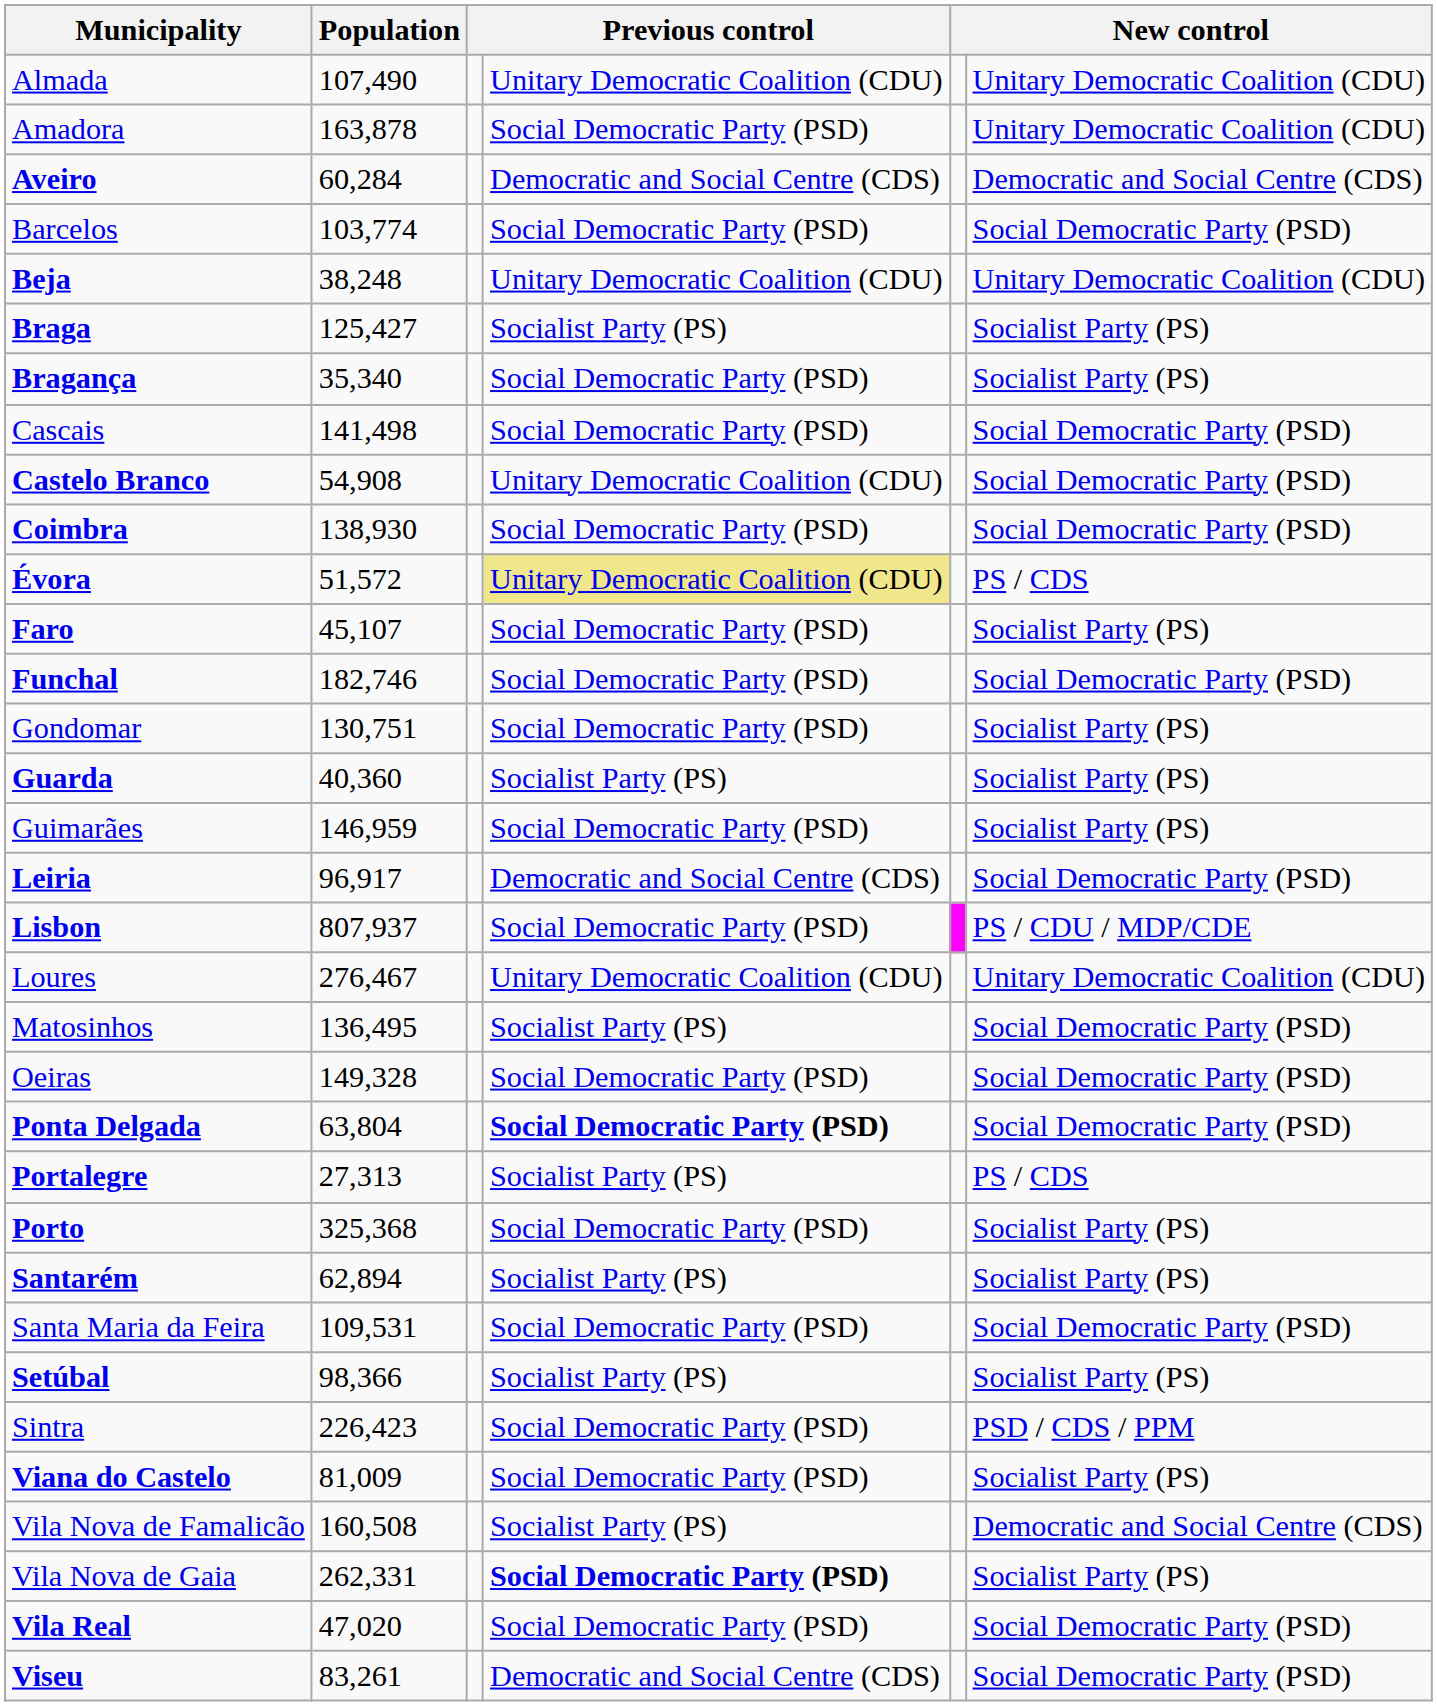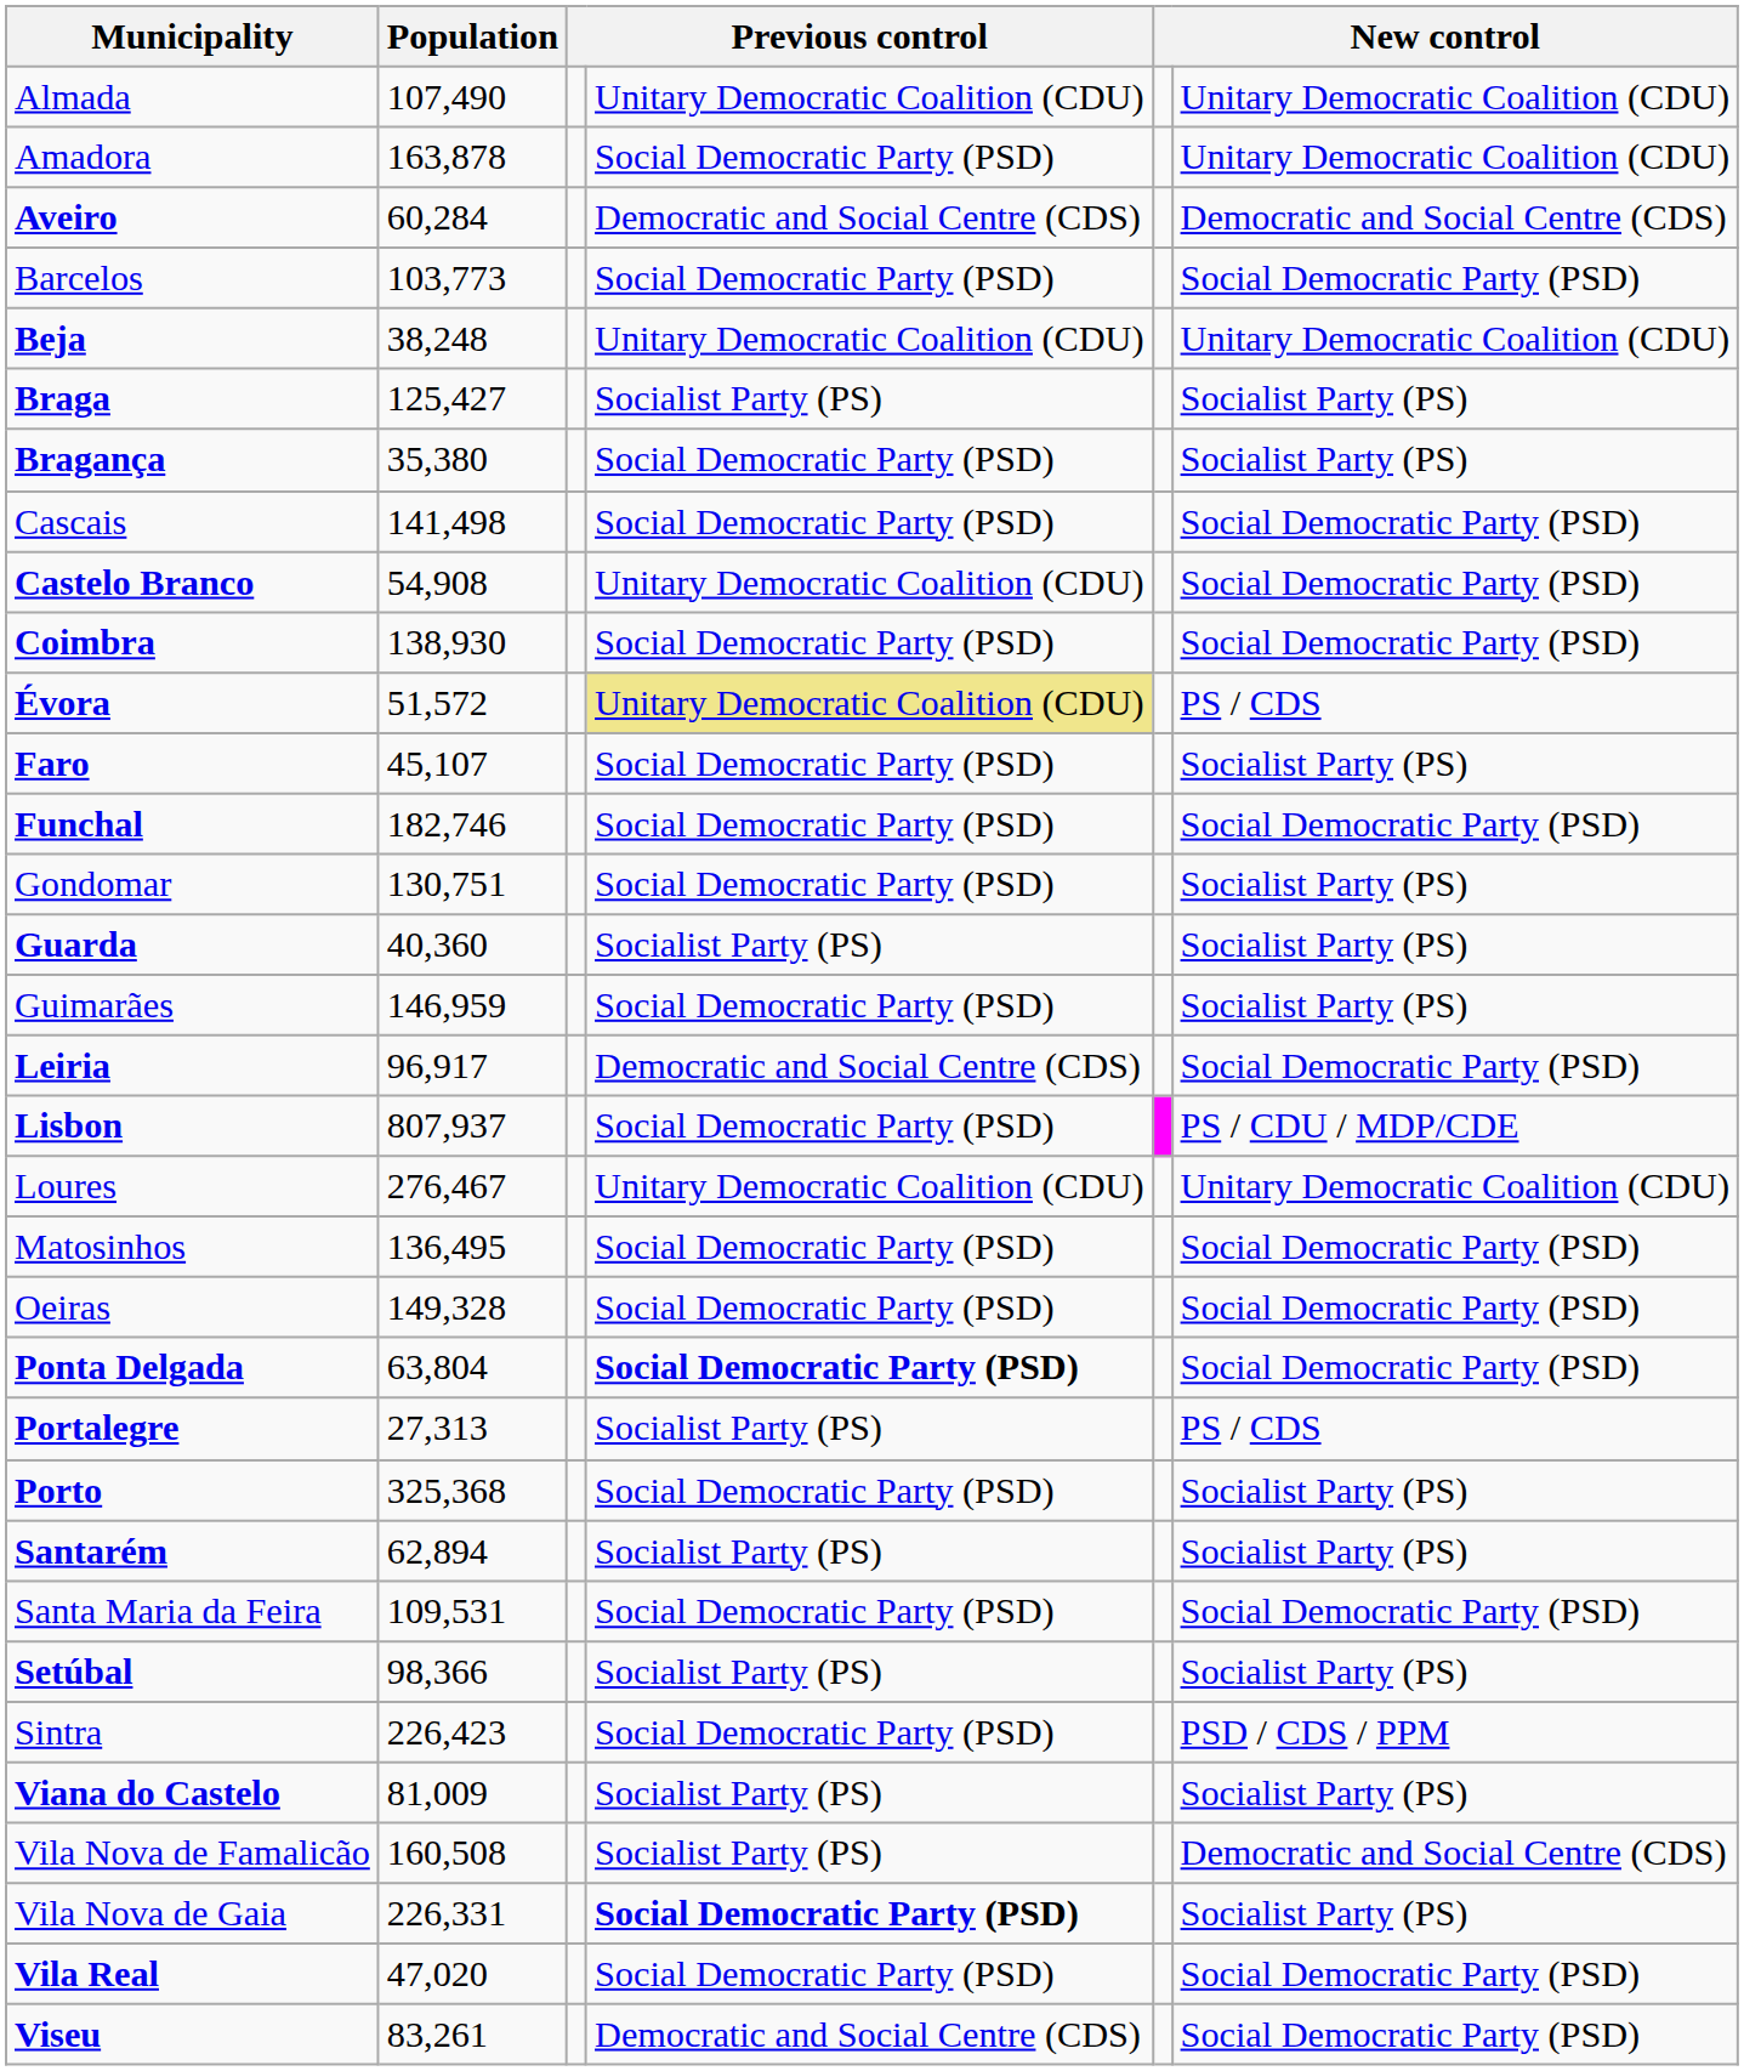 <table class="wikitable sortable" style="font-size:95%;">
 <tr>
 <th>Municipality</th>
 <th>Population</th>
 <th colspan="2" style="width:200px;">Previous control</th>
 <th colspan="2" style="width:200px;">New control</th>
 </tr>
 <tr>
 <td><a href='#'>Almada</a></td>
 <td>107,490</td>
 <td width="1" style="color:inherit;background:"></td>
 <td><a href='#'>Unitary Democratic Coalition</a> (CDU)</td>
 <td width="1" style="color:inherit;background:"></td>
 <td><a href='#'>Unitary Democratic Coalition</a> (CDU)</td>
 </tr>
 <tr>
 <td><a href='#'>Amadora</a></td>
 <td>163,878</td>
 <td width="1" style="color:inherit;background:"></td>
 <td><a href='#'>Social Democratic Party</a> (PSD)</td>
 <td width="1" style="color:inherit;background:"></td>
 <td><a href='#'>Unitary Democratic Coalition</a> (CDU)</td>
 </tr>
 <tr>
 <td><a href='#'><strong>Aveiro</strong></a></td>
 <td>60,284</td>
 <td width="1" style="color:inherit;background:"></td>
 <td><a href='#'>Democratic and Social Centre</a> (CDS)</td>
 <td width="1" style="color:inherit;background:"></td>
 <td><a href='#'>Democratic and Social Centre</a> (CDS)</td>
 </tr>
 <tr>
 <td><a href='#'>Barcelos</a></td>
-<td>103,774</td>
+<td>103,773</td>
 <td width="1" style="color:inherit;background:"></td>
 <td><a href='#'>Social Democratic Party</a> (PSD)</td>
 <td width="1" style="color:inherit;background:"></td>
 <td><a href='#'>Social Democratic Party</a> (PSD)</td>
 </tr>
 <tr>
 <td><a href='#'><strong>Beja</strong></a></td>
 <td>38,248</td>
 <td width="1" style="color:inherit;background:"></td>
 <td><a href='#'>Unitary Democratic Coalition</a> (CDU)</td>
 <td width="1" style="color:inherit;background:"></td>
 <td><a href='#'>Unitary Democratic Coalition</a> (CDU)</td>
 </tr>
 <tr>
 <td><strong><a href='#'>Braga</a></strong></td>
 <td>125,427</td>
 <td width="1" style="color:inherit;background:"></td>
 <td><a href='#'>Socialist Party</a> (PS)</td>
 <td width="1" style="color:inherit;background:"></td>
 <td><a href='#'>Socialist Party</a> (PS)</td>
 </tr>
 <tr>
 <td><a href='#'><strong>Bragança</strong></a></td>
-<td>35,340</td>
+<td>35,380</td>
 <td width="1" style="color:inherit;background:"></td>
 <td><a href='#'>Social Democratic Party</a> (PSD)</td>
 <td width="1" style="color:inherit;background:"></td>
 <td><a href='#'>Socialist Party</a> (PS)</td>
 </tr>
 <tr>
 <td><a href='#'>Cascais</a></td>
 <td>141,498</td>
 <td width="1" style="color:inherit;background:"></td>
 <td><a href='#'>Social Democratic Party</a> (PSD)</td>
 <td width="1" style="color:inherit;background:"></td>
 <td><a href='#'>Social Democratic Party</a> (PSD)</td>
 </tr>
 <tr>
 <td><a href='#'><strong>Castelo Branco</strong></a></td>
 <td>54,908</td>
 <td width="1" style="color:inherit;background:"></td>
 <td><a href='#'>Unitary Democratic Coalition</a> (CDU)</td>
 <td width="1" style="color:inherit;background:"></td>
 <td><a href='#'>Social Democratic Party</a> (PSD)</td>
 </tr>
 <tr>
 <td><strong><a href='#'>Coimbra</a></strong></td>
 <td>138,930</td>
 <td width="1" style="color:inherit;background:"></td>
 <td><a href='#'>Social Democratic Party</a> (PSD)</td>
 <td width="1" style="color:inherit;background:"></td>
 <td><a href='#'>Social Democratic Party</a> (PSD)</td>
 </tr>
 <tr>
 <td><strong><a href='#'>Évora</a></strong></td>
 <td>51,572</td>
 <td width="1" style="color:inherit;background:"></td>
 <td style="background: khaki;"><a href='#'>Unitary Democratic Coalition</a> (CDU)</td>
 <td width="1" style="color:inherit;background:"></td>
 <td><a href='#'>PS</a> / <a href='#'>CDS</a></td>
 </tr>
 <tr>
 <td><a href='#'><strong>Faro</strong></a></td>
 <td>45,107</td>
 <td width="1" style="color:inherit;background:"></td>
 <td><a href='#'>Social Democratic Party</a> (PSD)</td>
 <td width="1" style="color:inherit;background:"></td>
 <td><a href='#'>Socialist Party</a> (PS)</td>
 </tr>
 <tr>
 <td><strong><a href='#'>Funchal</a></strong></td>
 <td>182,746</td>
 <td width="1" style="color:inherit;background:"></td>
 <td><a href='#'>Social Democratic Party</a> (PSD)</td>
 <td width="1" style="color:inherit;background:"></td>
 <td><a href='#'>Social Democratic Party</a> (PSD)</td>
 </tr>
 <tr>
 <td><a href='#'>Gondomar</a></td>
 <td>130,751</td>
 <td width="1" style="color:inherit;background:"></td>
 <td><a href='#'>Social Democratic Party</a> (PSD)</td>
 <td width="1" style="color:inherit;background:"></td>
 <td><a href='#'>Socialist Party</a> (PS)</td>
 </tr>
 <tr>
 <td><a href='#'><strong>Guarda</strong></a></td>
 <td>40,360</td>
 <td width="1" style="color:inherit;background:"></td>
 <td><a href='#'>Socialist Party</a> (PS)</td>
 <td width="1" style="color:inherit;background:"></td>
 <td><a href='#'>Socialist Party</a> (PS)</td>
 </tr>
 <tr>
 <td><a href='#'>Guimarães</a></td>
 <td>146,959</td>
 <td width="1" style="color:inherit;background:"></td>
 <td><a href='#'>Social Democratic Party</a> (PSD)</td>
 <td width="1" style="color:inherit;background:"></td>
 <td><a href='#'>Socialist Party</a> (PS)</td>
 </tr>
 <tr>
 <td><strong><a href='#'>Leiria</a></strong></td>
 <td>96,917</td>
 <td width="1" style="color:inherit;background:"></td>
 <td><a href='#'>Democratic and Social Centre</a> (CDS)</td>
 <td width="1" style="color:inherit;background:"></td>
 <td><a href='#'>Social Democratic Party</a> (PSD)</td>
 </tr>
 <tr>
 <td><strong><a href='#'>Lisbon</a></strong></td>
 <td>807,937</td>
 <td width="1" style="color:inherit;background:"></td>
 <td><a href='#'>Social Democratic Party</a> (PSD)</td>
 <td width="1" bgcolor="magenta"></td>
 <td><a href='#'>PS</a> / <a href='#'>CDU</a> / <a href='#'>MDP/CDE</a></td>
 </tr>
 <tr>
 <td><a href='#'>Loures</a></td>
 <td>276,467</td>
 <td width="1" style="color:inherit;background:"></td>
 <td><a href='#'>Unitary Democratic Coalition</a> (CDU)</td>
 <td width="1" style="color:inherit;background:"></td>
 <td><a href='#'>Unitary Democratic Coalition</a> (CDU)</td>
 </tr>
 <tr>
 <td><a href='#'>Matosinhos</a></td>
 <td>136,495</td>
 <td width="1" style="color:inherit;background:"></td>
-<td><a href='#'>Socialist Party</a> (PS)</td>
+<td><a href='#'>Social Democratic Party</a> (PSD)</td>
 <td width="1" style="color:inherit;background:"></td>
 <td><a href='#'>Social Democratic Party</a> (PSD)</td>
 </tr>
 <tr>
 <td><a href='#'>Oeiras</a></td>
 <td>149,328</td>
 <td width="1" style="color:inherit;background:"></td>
 <td><a href='#'>Social Democratic Party</a> (PSD)</td>
 <td width="1" style="color:inherit;background:"></td>
 <td><a href='#'>Social Democratic Party</a> (PSD)</td>
 </tr>
 <tr>
 <td><strong><a href='#'>Ponta Delgada</a></strong></td>
 <td>63,804</td>
 <td width="1" style="color:inherit;background:"></td>
 <td><strong><a href='#'>Social Democratic Party</a> (PSD)</strong></td>
 <td width="1" style="color:inherit;background:"></td>
 <td><a href='#'>Social Democratic Party</a> (PSD)</td>
 </tr>
 <tr>
 <td><a href='#'><strong>Portalegre</strong></a></td>
 <td>27,313</td>
 <td width="1" style="color:inherit;background:"></td>
 <td><a href='#'>Socialist Party</a> (PS)</td>
 <td width="1" style="color:inherit;background:"></td>
 <td><a href='#'>PS</a> / <a href='#'>CDS</a></td>
 </tr>
 <tr>
 <td><strong><a href='#'>Porto</a></strong></td>
 <td>325,368</td>
 <td width="1" style="color:inherit;background:"></td>
 <td><a href='#'>Social Democratic Party</a> (PSD)</td>
 <td width="1" style="color:inherit;background:"></td>
 <td><a href='#'>Socialist Party</a> (PS)</td>
 </tr>
 <tr>
 <td><a href='#'><strong>Santarém</strong></a></td>
 <td>62,894</td>
 <td width="1" style="color:inherit;background:"></td>
 <td><a href='#'>Socialist Party</a> (PS)</td>
 <td width="1" style="color:inherit;background:"></td>
 <td><a href='#'>Socialist Party</a> (PS)</td>
 </tr>
 <tr>
 <td><a href='#'>Santa Maria da Feira</a></td>
 <td>109,531</td>
 <td width="1" style="color:inherit;background:"></td>
 <td><a href='#'>Social Democratic Party</a> (PSD)</td>
 <td width="1" style="color:inherit;background:"></td>
 <td><a href='#'>Social Democratic Party</a> (PSD)</td>
 </tr>
 <tr>
 <td><strong><a href='#'>Setúbal</a></strong></td>
 <td>98,366</td>
 <td width="1" style="color:inherit;background:"></td>
 <td><a href='#'>Socialist Party</a> (PS)</td>
 <td width="1" style="color:inherit;background:"></td>
 <td><a href='#'>Socialist Party</a> (PS)</td>
 </tr>
 <tr>
 <td><a href='#'>Sintra</a></td>
 <td>226,423</td>
 <td width="1" style="color:inherit;background:"></td>
 <td><a href='#'>Social Democratic Party</a> (PSD)</td>
 <td width="1" style="color:inherit;background:"></td>
 <td><a href='#'>PSD</a> / <a href='#'>CDS</a> / <a href='#'>PPM</a></td>
 </tr>
 <tr>
 <td><strong><a href='#'>Viana do Castelo</a></strong></td>
 <td>81,009</td>
 <td width="1" style="color:inherit;background:"></td>
-<td><a href='#'>Social Democratic Party</a> (PSD)</td>
+<td><a href='#'>Socialist Party</a> (PS)</td>
 <td width="1" style="color:inherit;background:"></td>
 <td><a href='#'>Socialist Party</a> (PS)</td>
 </tr>
 <tr>
 <td><a href='#'>Vila Nova de Famalicão</a></td>
 <td>160,508</td>
 <td width="1" style="color:inherit;background:"></td>
 <td><a href='#'>Socialist Party</a> (PS)</td>
 <td width="1" style="color:inherit;background:"></td>
 <td><a href='#'>Democratic and Social Centre</a> (CDS)</td>
 </tr>
 <tr>
 <td><a href='#'>Vila Nova de Gaia</a></td>
-<td>262,331</td>
+<td>226,331</td>
 <td width="1" style="color:inherit;background:"></td>
 <td><strong><a href='#'>Social Democratic Party</a> (PSD)</strong></td>
 <td width="1" style="color:inherit;background:"></td>
 <td><a href='#'>Socialist Party</a> (PS)</td>
 </tr>
 <tr>
 <td><strong><a href='#'>Vila Real</a></strong></td>
 <td>47,020</td>
 <td width="1" style="color:inherit;background:"></td>
 <td><a href='#'>Social Democratic Party</a> (PSD)</td>
 <td width="1" style="color:inherit;background:"></td>
 <td><a href='#'>Social Democratic Party</a> (PSD)</td>
 </tr>
 <tr>
 <td><strong><a href='#'>Viseu</a></strong></td>
 <td>83,261</td>
 <td width="1" style="color:inherit;background:"></td>
 <td><a href='#'>Democratic and Social Centre</a> (CDS)</td>
 <td width="1" style="color:inherit;background:"></td>
 <td><a href='#'>Social Democratic Party</a> (PSD)</td>
 </tr>
 </table>
